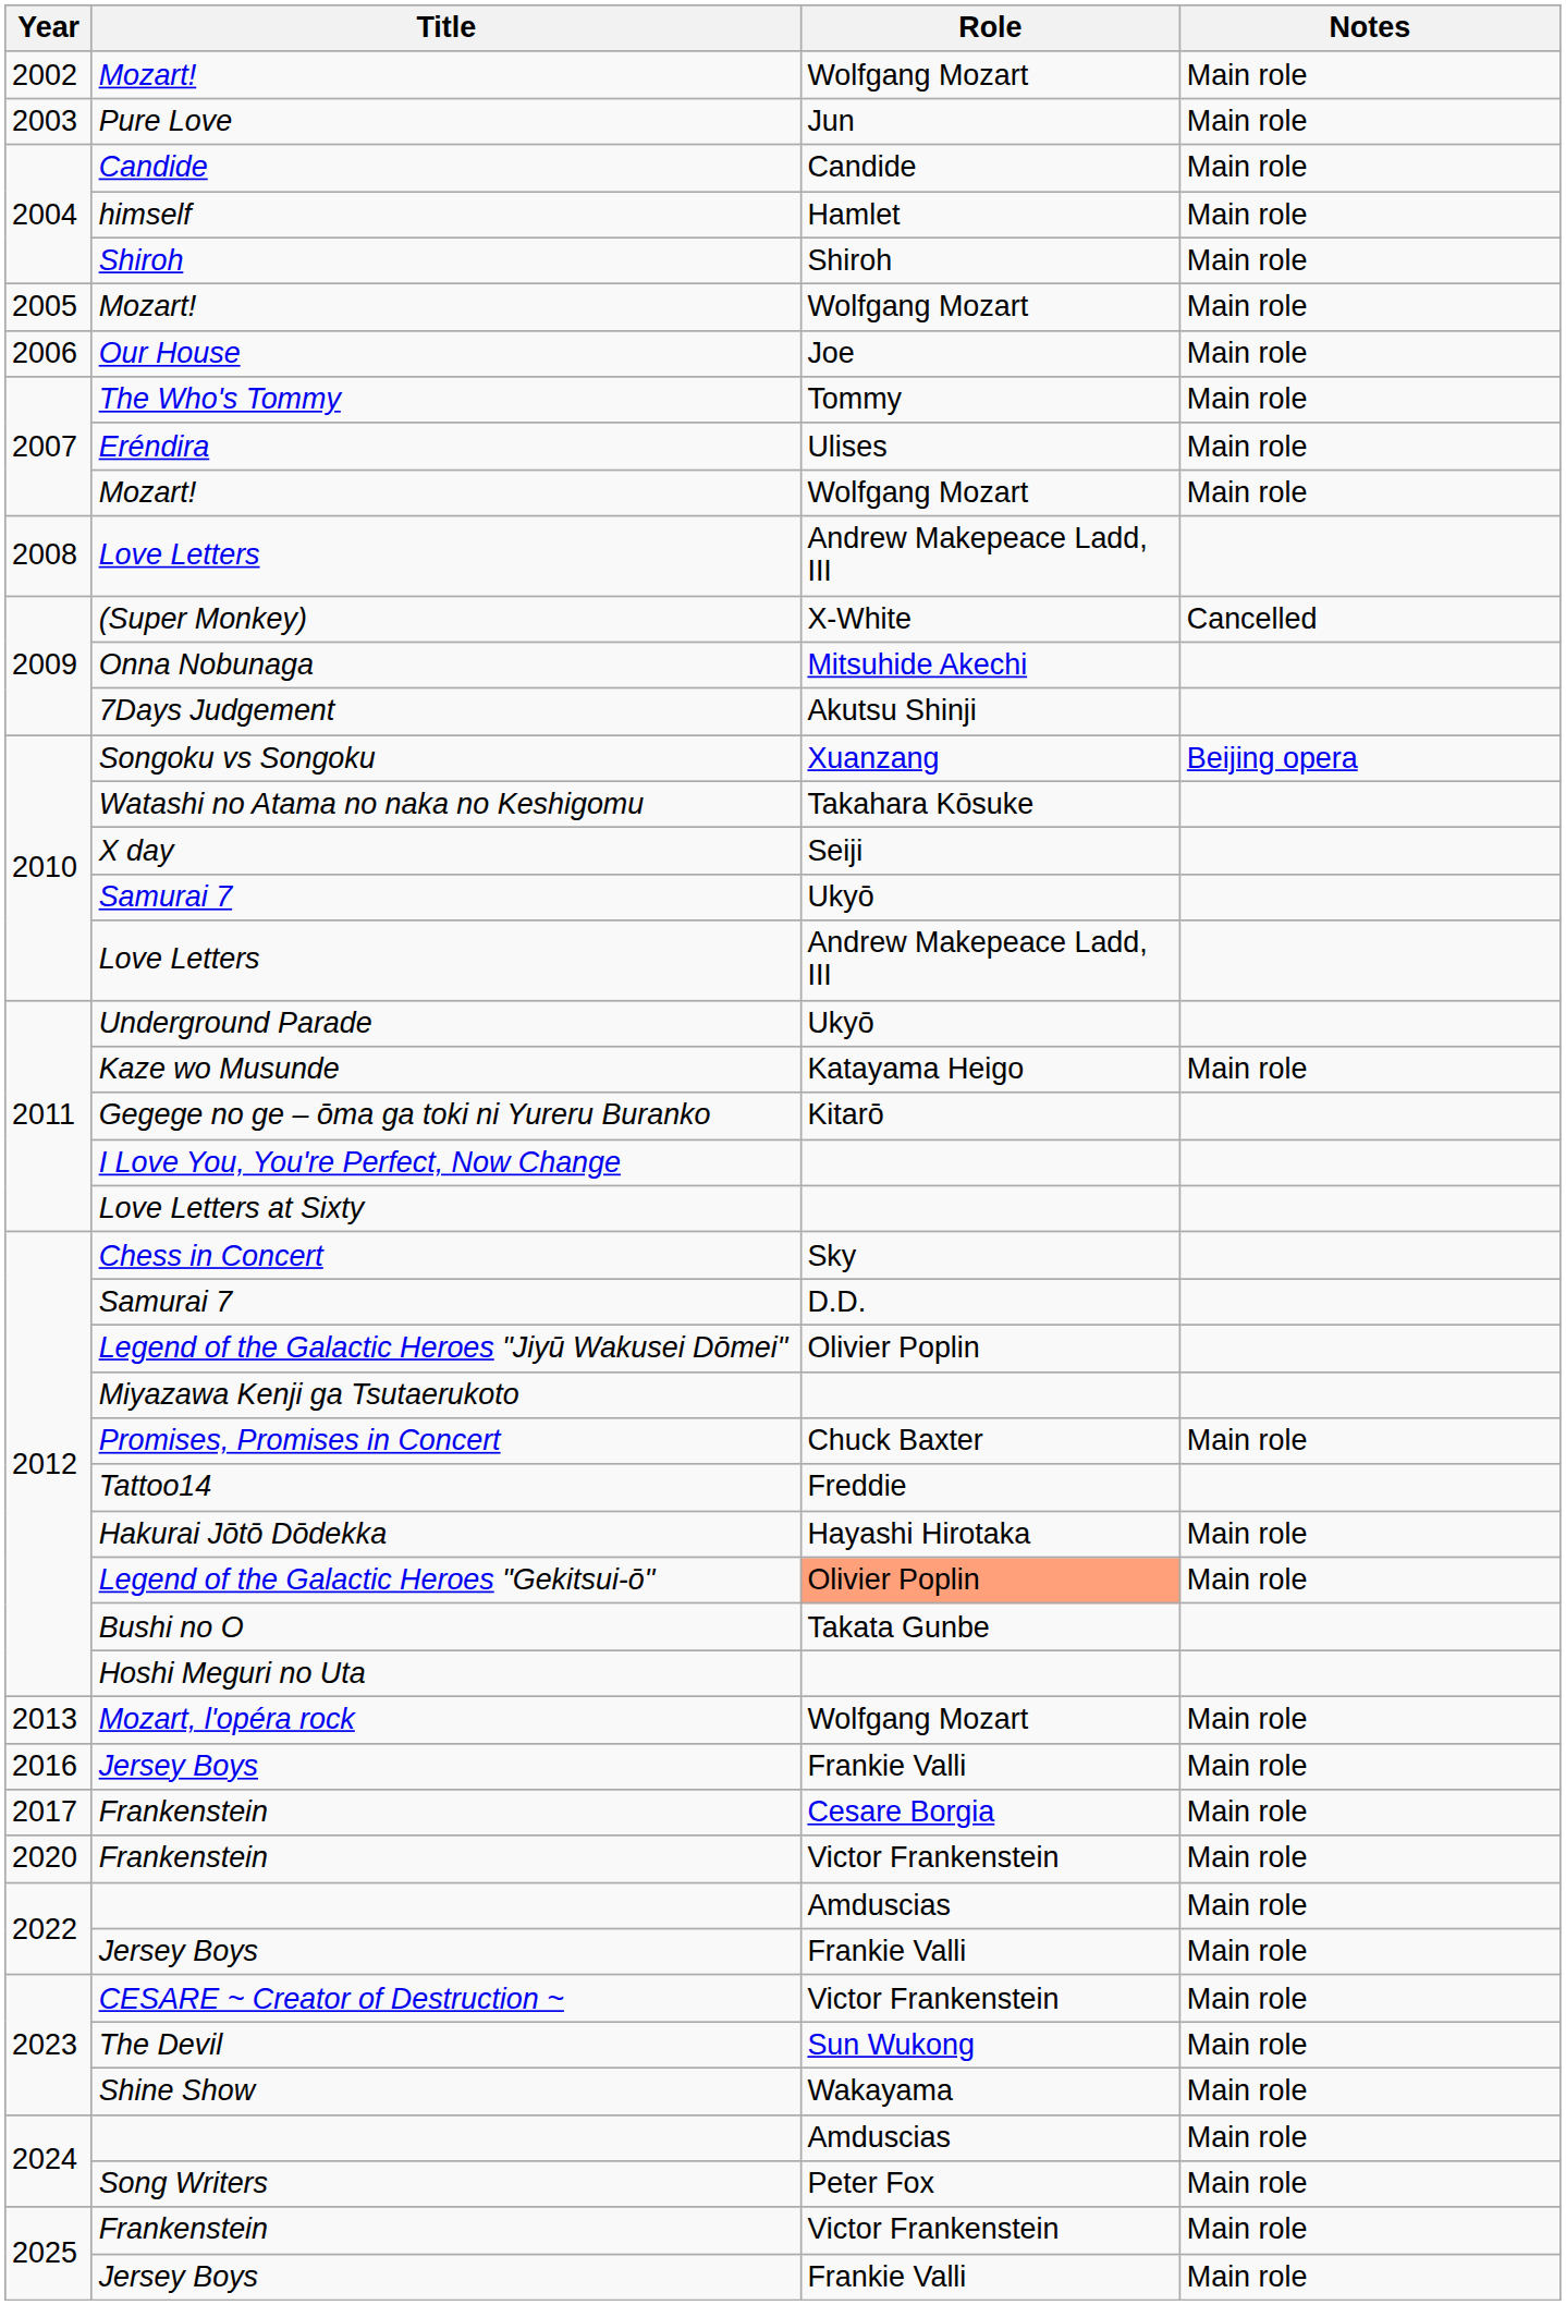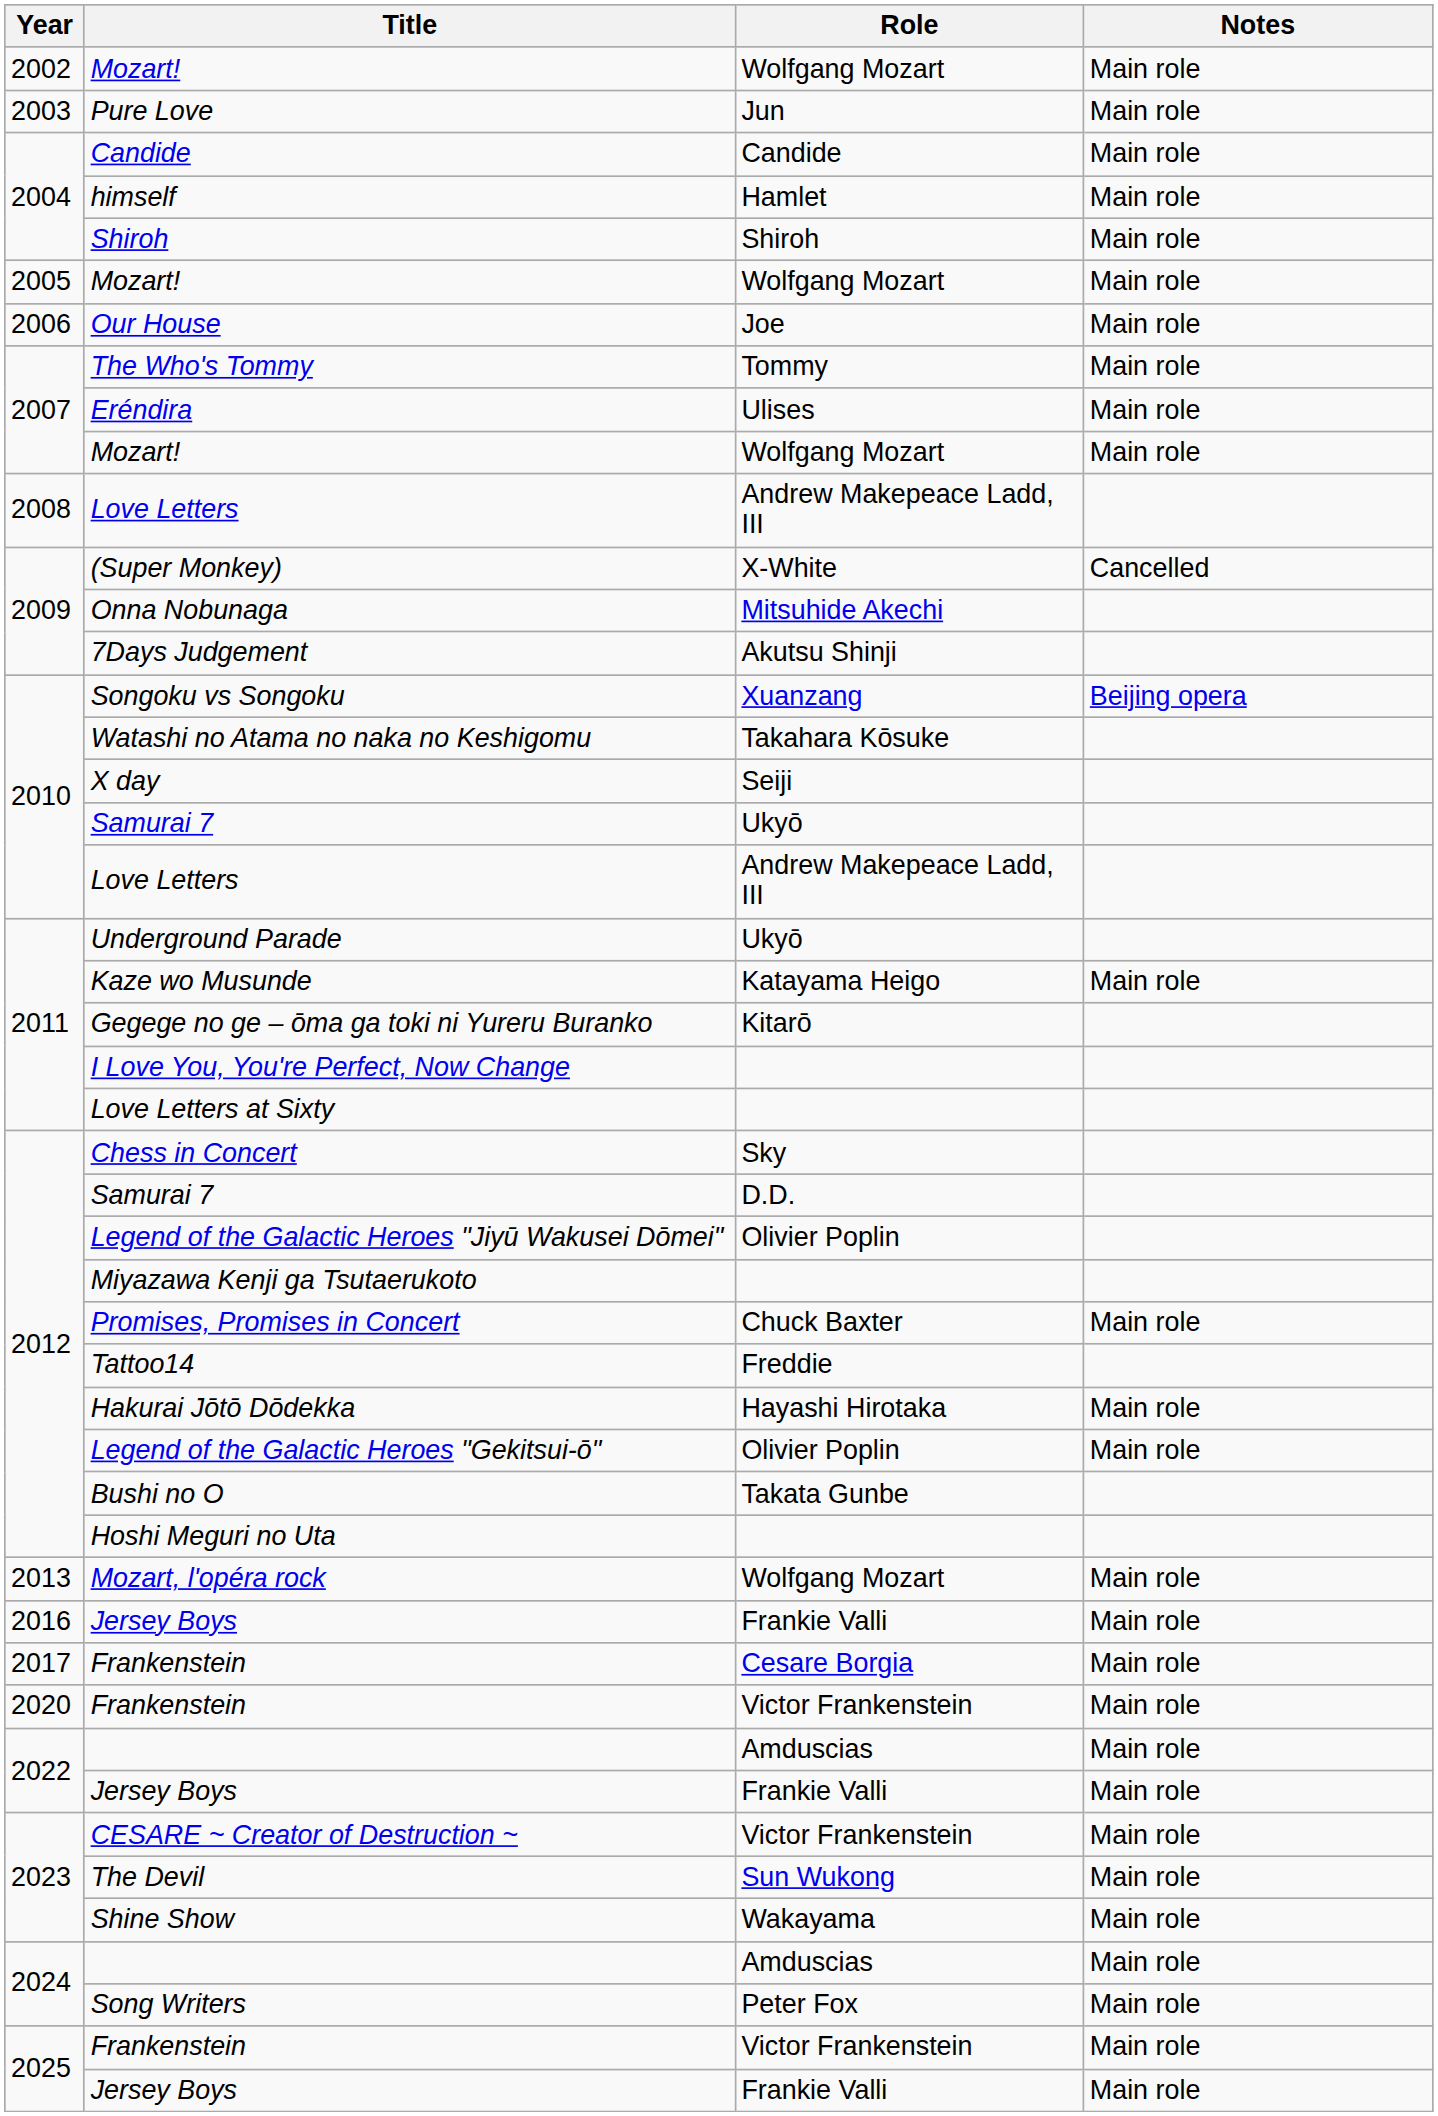 <table class="wikitable">
 <tr>
 <th width="40">Year</th>
 <th width="380">Title</th>
 <th width="200">Role</th>
 <th width="200">Notes</th>
 </tr>
 <tr>
 <td>2002</td>
 <td><em><a href='#'>Mozart!</a></em></td>
 <td>Wolfgang Mozart</td>
 <td>Main role</td>
 </tr>
 <tr>
 <td>2003</td>
 <td><em>Pure Love</em></td>
 <td>Jun</td>
 <td>Main role</td>
 </tr>
 <tr>
 <td rowspan="3">2004</td>
 <td><em><a href='#'>Candide</a></em></td>
 <td>Candide</td>
 <td>Main role</td>
 </tr>
 <tr>
 <td><em>himself</em></td>
 <td>Hamlet</td>
 <td>Main role</td>
 </tr>
 <tr>
 <td><em><a href='#'>Shiroh</a></em></td>
 <td>Shiroh</td>
 <td>Main role</td>
 </tr>
 <tr>
 <td>2005</td>
 <td><em>Mozart!</em></td>
 <td>Wolfgang Mozart</td>
 <td>Main role</td>
 </tr>
 <tr>
 <td>2006</td>
 <td><em><a href='#'>Our House</a></em></td>
 <td>Joe</td>
 <td>Main role</td>
 </tr>
 <tr>
 <td rowspan="3">2007</td>
 <td><em><a href='#'>The Who's Tommy</a></em></td>
 <td>Tommy</td>
 <td>Main role</td>
 </tr>
 <tr>
 <td><em><a href='#'>Eréndira</a></em></td>
 <td>Ulises</td>
 <td>Main role</td>
 </tr>
 <tr>
 <td><em>Mozart!</em></td>
 <td>Wolfgang Mozart</td>
 <td>Main role</td>
 </tr>
 <tr>
 <td>2008</td>
 <td><em><a href='#'>Love Letters</a></em></td>
 <td>Andrew Makepeace Ladd, III</td>
 <td></td>
 </tr>
 <tr>
 <td rowspan="3">2009</td>
 <td><em> (Super Monkey)</em></td>
 <td>X-White</td>
 <td>Cancelled</td>
 </tr>
 <tr>
 <td><em>Onna Nobunaga</em></td>
 <td><a href='#'>Mitsuhide Akechi</a></td>
 <td></td>
 </tr>
 <tr>
 <td><em>7Days Judgement</em></td>
 <td>Akutsu Shinji</td>
 <td></td>
 </tr>
 <tr>
 <td rowspan="5">2010</td>
 <td><em>Songoku vs Songoku</em></td>
 <td><a href='#'>Xuanzang</a></td>
 <td><a href='#'>Beijing opera</a></td>
 </tr>
 <tr>
 <td><em>Watashi no Atama no naka no Keshigomu</em></td>
 <td>Takahara Kōsuke</td>
 <td></td>
 </tr>
 <tr>
 <td><em>X day</em></td>
 <td>Seiji</td>
 <td></td>
 </tr>
 <tr>
 <td><em><a href='#'>Samurai 7</a></em></td>
 <td>Ukyō</td>
 <td></td>
 </tr>
 <tr>
 <td><em>Love Letters</em></td>
 <td>Andrew Makepeace Ladd, III</td>
 <td></td>
 </tr>
 <tr>
 <td rowspan="5">2011</td>
 <td><em>Underground Parade</em></td>
 <td>Ukyō</td>
 <td></td>
 </tr>
 <tr>
 <td><em>Kaze wo Musunde</em></td>
 <td>Katayama Heigo</td>
 <td>Main role</td>
 </tr>
 <tr>
 <td><em>Gegege no ge – ōma ga toki ni Yureru Buranko</em></td>
 <td>Kitarō</td>
 <td></td>
 </tr>
 <tr>
 <td><em><a href='#'>I Love You, You're Perfect, Now Change</a></em></td>
 <td></td>
 <td></td>
 </tr>
 <tr>
 <td><em>Love Letters at Sixty</em></td>
 <td></td>
 <td></td>
 </tr>
 <tr>
 <td rowspan="10">2012</td>
 <td><em><a href='#'>Chess in Concert</a></em></td>
 <td>Sky</td>
 <td></td>
 </tr>
 <tr>
 <td><em>Samurai 7</em></td>
 <td>D.D.</td>
 <td></td>
 </tr>
 <tr>
 <td><em><a href='#'>Legend of the Galactic Heroes</a> "Jiyū Wakusei Dōmei"</em></td>
 <td>Olivier Poplin</td>
 <td></td>
 </tr>
 <tr>
 <td><em>Miyazawa Kenji ga Tsutaerukoto</em></td>
 <td></td>
 <td></td>
 </tr>
 <tr>
 <td><em><a href='#'>Promises, Promises in Concert</a></em></td>
 <td>Chuck Baxter</td>
 <td>Main role</td>
 </tr>
 <tr>
 <td><em>Tattoo14</em></td>
 <td>Freddie</td>
 <td></td>
 </tr>
 <tr>
 <td><em>Hakurai Jōtō Dōdekka</em></td>
 <td>Hayashi Hirotaka</td>
 <td>Main role</td>
 </tr>
 <tr>
 <td><em><a href='#'>Legend of the Galactic Heroes</a> "Gekitsui-ō"</em></td>
-<td style="background: lightsalmon;">Olivier Poplin</td>
+<td>Olivier Poplin</td>
 <td>Main role</td>
 </tr>
 <tr>
 <td><em>Bushi no O</em></td>
 <td>Takata Gunbe</td>
 <td></td>
 </tr>
 <tr>
 <td><em>Hoshi Meguri no Uta</em></td>
 <td></td>
 <td></td>
 </tr>
 <tr>
 <td>2013</td>
 <td><em><a href='#'>Mozart, l'opéra rock</a></em></td>
 <td>Wolfgang Mozart</td>
 <td>Main role</td>
 </tr>
 <tr>
 <td>2016</td>
 <td><em><a href='#'>Jersey Boys</a></em></td>
 <td>Frankie Valli</td>
 <td>Main role</td>
 </tr>
 <tr>
 <td>2017</td>
 <td><em>Frankenstein</em></td>
 <td><a href='#'>Cesare Borgia</a></td>
 <td>Main role</td>
 </tr>
 <tr>
 <td>2020</td>
 <td><em>Frankenstein</em></td>
 <td>Victor Frankenstein</td>
 <td>Main role</td>
 </tr>
 <tr>
 <td rowspan="2">2022</td>
 <td><em></em></td>
 <td>Amduscias</td>
 <td>Main role</td>
 </tr>
 <tr>
 <td><em>Jersey Boys</em></td>
 <td>Frankie Valli</td>
 <td>Main role</td>
 </tr>
 <tr>
 <td rowspan="3">2023</td>
 <td><a href='#'><em>CESARE ~ Creator of Destruction ~</em></a></td>
 <td>Victor Frankenstein</td>
 <td>Main role</td>
 </tr>
 <tr>
 <td><em>The Devil</em></td>
 <td><a href='#'>Sun Wukong</a></td>
 <td>Main role</td>
 </tr>
 <tr>
 <td><em>Shine Show</em></td>
 <td>Wakayama</td>
 <td>Main role</td>
 </tr>
 <tr>
 <td rowspan="2">2024</td>
 <td><em></em></td>
 <td>Amduscias</td>
 <td>Main role</td>
 </tr>
 <tr>
 <td><em>Song Writers</em></td>
 <td>Peter Fox</td>
 <td>Main role</td>
 </tr>
 <tr>
 <td rowspan="2">2025</td>
 <td><em>Frankenstein</em></td>
 <td>Victor Frankenstein</td>
 <td>Main role</td>
 </tr>
 <tr>
 <td><em>Jersey Boys</em></td>
 <td>Frankie Valli</td>
 <td>Main role</td>
 </tr>
 </table>
